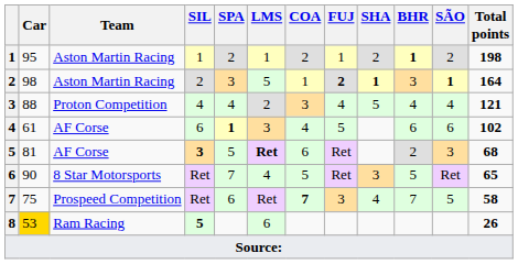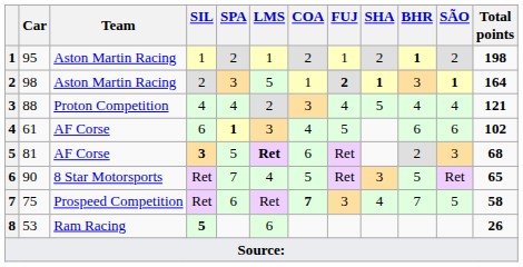 <table class="wikitable" style="font-size: 85%; text-align:center">
 <tr valign="top">
 <th valign=middle></th>
 <th valign=middle>Car</th>
 <th valign=middle>Team</th>
 <th><a href='#'>SIL</a><br></th>
 <th><a href='#'>SPA</a><br></th>
 <th><a href='#'>LMS</a><br></th>
 <th><a href='#'>COA</a><br></th>
 <th><a href='#'>FUJ</a><br></th>
 <th><a href='#'>SHA</a><br></th>
 <th><a href='#'>BHR</a><br></th>
 <th><a href='#'>SÃO</a><br></th>
 <th valign=middle>Total<br>points</th>
 </tr>
 <tr>
 <th>1</th>
 <td align=left>95</td>
 <td align=left> <a href='#'>Aston Martin Racing</a></td>
 <td style="background:#FFFFBF;">1</td>
 <td style="background:#DFDFDF;">2</td>
 <td style="background:#FFFFBF;">1</td>
 <td style="background:#DFDFDF;">2</td>
 <td style="background:#FFFFBF;">1</td>
 <td style="background:#DFDFDF;">2</td>
 <td style="background:#FFFFBF;"><strong>1</strong></td>
 <td style="background:#DFDFDF;">2</td>
 <td><strong>198</strong></td>
 </tr>
 <tr>
 <th>2</th>
 <td align=left>98</td>
 <td align=left> <a href='#'>Aston Martin Racing</a></td>
 <td style="background:#DFDFDF;">2</td>
 <td style="background:#FFDF9F;">3</td>
 <td style="background:#DFFFDF;">5</td>
 <td style="background:#FFFFBF;">1</td>
 <td style="background:#DFDFDF;"><strong>2</strong></td>
 <td style="background:#FFFFBF;"><strong>1</strong></td>
 <td style="background:#FFDF9F;">3</td>
 <td style="background:#FFFFBF;"><strong>1</strong></td>
 <td><strong>164</strong></td>
 </tr>
 <tr>
 <th>3</th>
 <td align=left>88</td>
 <td align=left> <a href='#'>Proton Competition</a></td>
 <td style="background:#DFFFDF;">4</td>
 <td style="background:#DFFFDF;">4</td>
 <td style="background:#DFDFDF;">2</td>
 <td style="background:#FFDF9F;">3</td>
 <td style="background:#DFFFDF;">4</td>
 <td style="background:#DFFFDF;">5</td>
 <td style="background:#DFFFDF;">4</td>
 <td style="background:#DFFFDF;">4</td>
 <td><strong>121</strong></td>
 </tr>
 <tr>
 <th>4</th>
 <td align=left>61</td>
 <td align=left> <a href='#'>AF Corse</a></td>
 <td style="background:#DFFFDF;">6</td>
 <td style="background:#FFFFBF;"><strong>1</strong></td>
 <td style="background:#FFDF9F;">3</td>
 <td style="background:#DFFFDF;">4</td>
 <td style="background:#DFFFDF;">5</td>
 <td></td>
 <td style="background:#DFFFDF;">6</td>
 <td style="background:#DFFFDF;">6</td>
 <td><strong>102</strong></td>
 </tr>
 <tr>
 <th>5</th>
 <td align=left>81</td>
 <td align=left> <a href='#'>AF Corse</a></td>
 <td style="background:#FFDF9F;"><strong>3</strong></td>
 <td style="background:#DFFFDF;">5</td>
 <td style="background:#EFCFFF;"><strong>Ret</strong></td>
 <td style="background:#DFFFDF;">6</td>
 <td style="background:#EFCFFF;">Ret</td>
 <td></td>
 <td style="background:#DFDFDF;">2</td>
 <td style="background:#FFDF9F;">3</td>
 <td><strong>68</strong></td>
 </tr>
 <tr>
 <th>6</th>
 <td align=left>90</td>
 <td align=left> <a href='#'>8 Star Motorsports</a></td>
 <td style="background:#EFCFFF;">Ret</td>
 <td style="background:#DFFFDF;">7</td>
 <td style="background:#DFFFDF;">4</td>
 <td style="background:#DFFFDF;">5</td>
 <td style="background:#EFCFFF;">Ret</td>
 <td style="background:#FFDF9F;">3</td>
 <td style="background:#DFFFDF;">5</td>
 <td style="background:#EFCFFF;">Ret</td>
 <td><strong>65</strong></td>
 </tr>
 <tr>
 <th>7</th>
 <td align=left>75</td>
 <td align=left> <a href='#'>Prospeed Competition</a></td>
 <td style="background:#EFCFFF;">Ret</td>
 <td style="background:#DFFFDF;">6</td>
 <td style="background:#EFCFFF;">Ret</td>
 <td style="background:#DFFFDF;"><strong>7</strong></td>
 <td style="background:#FFDF9F;">3</td>
 <td style="background:#DFFFDF;">4</td>
 <td style="background:#DFFFDF;">7</td>
 <td style="background:#DFFFDF;">5</td>
 <td><strong>58</strong></td>
 </tr>
 <tr>
 <th>8</th>
-<td align=left style="background: gold;">53</td>
+<td align=left>53</td>
 <td align=left> <a href='#'>Ram Racing</a></td>
 <td style="background:#DFFFDF;"><strong>5</strong></td>
 <td></td>
 <td style="background:#DFFFDF;">6</td>
 <td></td>
 <td></td>
 <td></td>
 <td></td>
 <td></td>
 <td><strong>26</strong></td>
 </tr>
 <tr class="sortbottom">
 <td colspan="12" style="background-color:#EAECF0;text-align:center"><strong>Source:</strong></td>
 </tr>
 </table>
